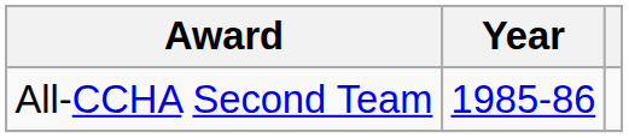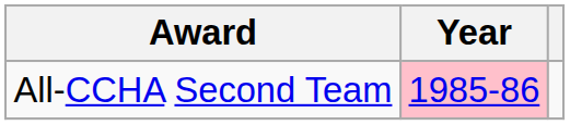 <table class="wikitable">
 <tr>
 <th>Award</th>
 <th>Year</th>
 <th></th>
 </tr>
 <tr>
 <td>All-<a href='#'>CCHA</a> <a href='#'>Second Team</a></td>
-<td><a href='#'>1985-86</a></td>
+<td style="background: pink;"><a href='#'>1985-86</a></td>
 <td></td>
 </tr>
 <tr>
 </tr>
 </table>
